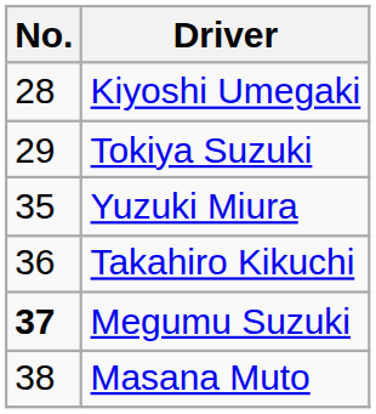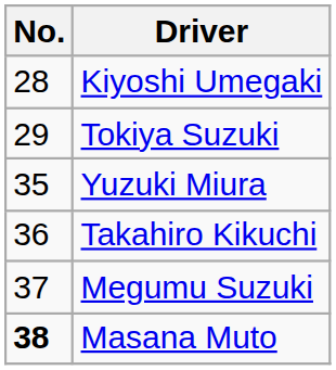 <table class="wikitable" style="font-size: 85%">
 <tr>
 <th>No.</th>
 <th>Driver</th>
 </tr>
 <tr>
 <td>28</td>
 <td> <a href='#'>Kiyoshi Umegaki</a></td>
 </tr>
 <tr>
 <td>29</td>
 <td> <a href='#'>Tokiya Suzuki</a></td>
 </tr>
 <tr>
 <td>35</td>
 <td> <a href='#'>Yuzuki Miura</a></td>
 </tr>
 <tr>
 <td>36</td>
 <td> <a href='#'>Takahiro Kikuchi</a></td>
 </tr>
 <tr>
-<td><strong>37</strong></td>
+<td>37</td>
 <td> <a href='#'>Megumu Suzuki</a></td>
 </tr>
 <tr>
-<td>38</td>
+<td><strong>38</strong></td>
 <td> <a href='#'>Masana Muto</a></td>
 </tr>
 <tr>
 </tr>
 </table>
